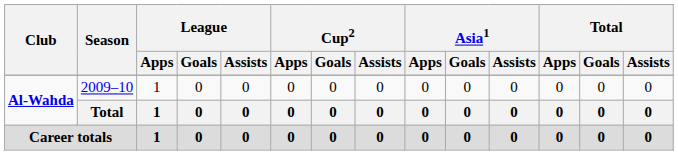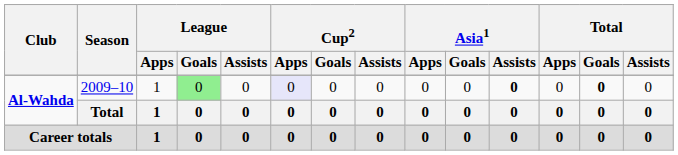 <table class="wikitable" style="font-size:90%; text-align: center;">
 <tr>
 <th rowspan="2">Club</th>
 <th rowspan="2">Season</th>
 <th colspan="3">League</th>
 <th colspan="3"><br>Cup<sup>2</sup></th>
 <th colspan="3"><br><a href='#'>Asia</a><sup>1</sup></th>
 <th colspan="3">Total</th>
 </tr>
 <tr>
 <th>Apps</th>
 <th>Goals</th>
 <th>Assists</th>
 <th>Apps</th>
 <th>Goals</th>
 <th>Assists</th>
 <th>Apps</th>
 <th>Goals</th>
 <th>Assists</th>
 <th>Apps</th>
 <th>Goals</th>
 <th>Assists</th>
 </tr>
 <tr>
 </tr>
 <tr align=center>
 <td rowspan="2" align=center valign=center><strong><a href='#'>Al-Wahda</a></strong></td>
 <td><a href='#'>2009–10</a></td>
 <td>1</td>
+<td style="background: lightgreen;">0</td>
+<td>0</td>
+<td style="background: lavender;">0</td>
 <td>0</td>
 <td>0</td>
 <td>0</td>
 <td>0</td>
+<td><strong>0</strong></td>
 <td>0</td>
-<td>0</td>
-<td>0</td>
-<td>0</td>
-<td>0</td>
-<td>0</td>
+<td><strong>0</strong></td>
 <td>0</td>
 </tr>
 <tr align=center>
 <th>Total</th>
 <th>1</th>
 <th>0</th>
 <th>0</th>
 <th>0</th>
 <th>0</th>
 <th>0</th>
 <th>0</th>
 <th>0</th>
 <th>0</th>
 <th>0</th>
 <th>0</th>
 <th>0</th>
 </tr>
 <tr>
 <th style="background: #DCDCDC" colspan="2">Career totals</th>
 <th style="background: #DCDCDC">1</th>
 <th style="background: #DCDCDC">0</th>
 <th style="background: #DCDCDC">0</th>
 <th style="background: #DCDCDC">0</th>
 <th style="background: #DCDCDC">0</th>
 <th style="background: #DCDCDC">0</th>
 <th style="background: #DCDCDC">0</th>
 <th style="background: #DCDCDC">0</th>
 <th style="background: #DCDCDC">0</th>
 <th style="background: #DCDCDC">0</th>
 <th style="background: #DCDCDC">0</th>
 <th style="background: #DCDCDC">0</th>
 </tr>
 </table>
